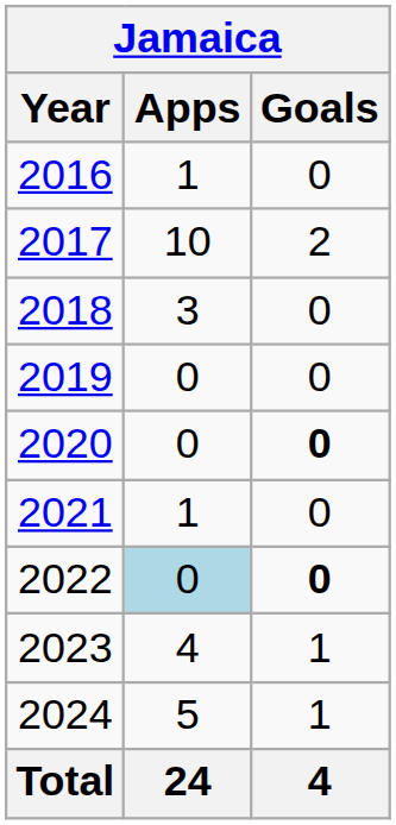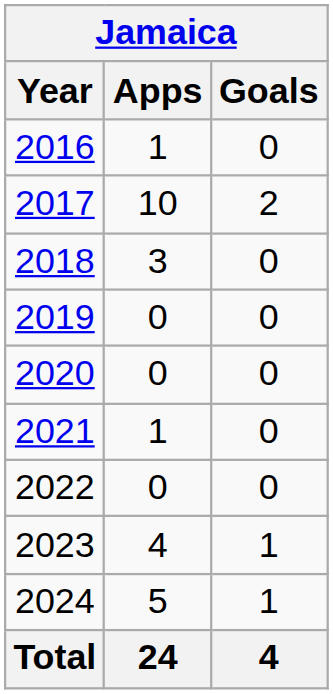 <table class="wikitable" style="text-align:center">
 <tr>
 <th colspan=3><a href='#'>Jamaica</a></th>
 </tr>
 <tr>
 <th>Year</th>
 <th>Apps</th>
 <th>Goals</th>
 </tr>
 <tr>
 <td><a href='#'>2016</a></td>
 <td>1</td>
 <td>0</td>
 </tr>
 <tr>
 <td><a href='#'>2017</a></td>
 <td>10</td>
 <td>2</td>
 </tr>
 <tr>
 <td><a href='#'>2018</a></td>
 <td>3</td>
 <td>0</td>
 </tr>
 <tr>
 <td><a href='#'>2019</a></td>
 <td>0</td>
 <td>0</td>
 </tr>
 <tr>
 <td><a href='#'>2020</a></td>
 <td>0</td>
-<td><strong>0</strong></td>
+<td>0</td>
 </tr>
 <tr>
 <td><a href='#'>2021</a></td>
 <td>1</td>
 <td>0</td>
 </tr>
 <tr>
 <td>2022</td>
-<td style="background: lightblue;">0</td>
-<td><strong>0</strong></td>
+<td>0</td>
+<td>0</td>
 </tr>
 <tr>
 <td>2023</td>
 <td>4</td>
 <td>1</td>
 </tr>
 <tr>
 <td>2024</td>
 <td>5</td>
 <td>1</td>
 </tr>
 <tr>
 <th>Total</th>
 <th>24</th>
 <th>4</th>
 </tr>
 </table>
